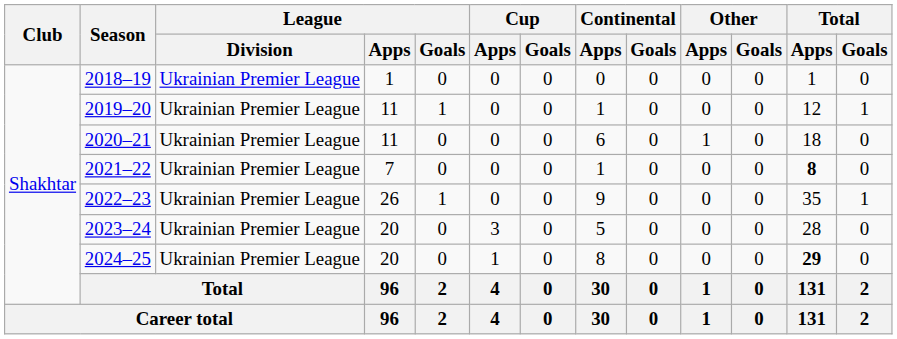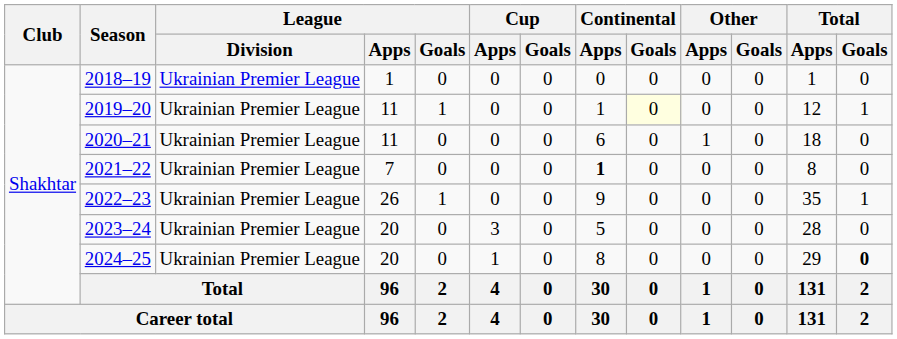 <table class="wikitable" style="text-align:center">
 <tr>
 <th rowspan="2">Club</th>
 <th rowspan="2">Season</th>
 <th colspan="3">League</th>
 <th colspan="2">Cup</th>
 <th colspan="2">Continental</th>
 <th colspan="2">Other</th>
 <th colspan="2">Total</th>
 </tr>
 <tr>
 <th>Division</th>
 <th>Apps</th>
 <th>Goals</th>
 <th>Apps</th>
 <th>Goals</th>
 <th>Apps</th>
 <th>Goals</th>
 <th>Apps</th>
 <th>Goals</th>
 <th>Apps</th>
 <th>Goals</th>
 </tr>
 <tr>
 <td rowspan="8"><a href='#'>Shakhtar</a></td>
 <td><a href='#'>2018–19</a></td>
 <td><a href='#'>Ukrainian Premier League</a></td>
 <td>1</td>
 <td>0</td>
 <td>0</td>
 <td>0</td>
 <td>0</td>
 <td>0</td>
 <td>0</td>
 <td>0</td>
 <td>1</td>
 <td>0</td>
 </tr>
 <tr>
 <td><a href='#'>2019–20</a></td>
 <td>Ukrainian Premier League</td>
 <td>11</td>
 <td>1</td>
 <td>0</td>
 <td>0</td>
 <td>1</td>
-<td>0</td>
+<td style="background: lightyellow;">0</td>
 <td>0</td>
 <td>0</td>
 <td>12</td>
 <td>1</td>
 </tr>
 <tr>
 <td><a href='#'>2020–21</a></td>
 <td>Ukrainian Premier League</td>
 <td>11</td>
 <td>0</td>
 <td>0</td>
 <td>0</td>
 <td>6</td>
 <td>0</td>
 <td>1</td>
 <td>0</td>
 <td>18</td>
 <td>0</td>
 </tr>
 <tr>
 <td><a href='#'>2021–22</a></td>
 <td>Ukrainian Premier League</td>
 <td>7</td>
 <td>0</td>
 <td>0</td>
 <td>0</td>
-<td>1</td>
+<td><strong>1</strong></td>
 <td>0</td>
 <td>0</td>
 <td>0</td>
-<td><strong>8</strong></td>
+<td>8</td>
 <td>0</td>
 </tr>
 <tr>
 <td><a href='#'>2022–23</a></td>
 <td>Ukrainian Premier League</td>
 <td>26</td>
 <td>1</td>
 <td>0</td>
 <td>0</td>
 <td>9</td>
 <td>0</td>
 <td>0</td>
 <td>0</td>
 <td>35</td>
 <td>1</td>
 </tr>
 <tr>
 <td><a href='#'>2023–24</a></td>
 <td>Ukrainian Premier League</td>
 <td>20</td>
 <td>0</td>
 <td>3</td>
 <td>0</td>
 <td>5</td>
 <td>0</td>
 <td>0</td>
 <td>0</td>
 <td>28</td>
 <td>0</td>
 </tr>
 <tr>
 <td><a href='#'>2024–25</a></td>
 <td>Ukrainian Premier League</td>
 <td>20</td>
 <td>0</td>
 <td>1</td>
 <td>0</td>
 <td>8</td>
 <td>0</td>
 <td>0</td>
 <td>0</td>
-<td><strong>29</strong></td>
-<td>0</td>
+<td>29</td>
+<td><strong>0</strong></td>
 </tr>
 <tr>
 <th colspan="2">Total</th>
 <th>96</th>
 <th>2</th>
 <th>4</th>
 <th>0</th>
 <th>30</th>
 <th>0</th>
 <th>1</th>
 <th>0</th>
 <th>131</th>
 <th>2</th>
 </tr>
 <tr>
 <th colspan="3">Career total</th>
 <th>96</th>
 <th>2</th>
 <th>4</th>
 <th>0</th>
 <th>30</th>
 <th>0</th>
 <th>1</th>
 <th>0</th>
 <th>131</th>
 <th>2</th>
 </tr>
 </table>
